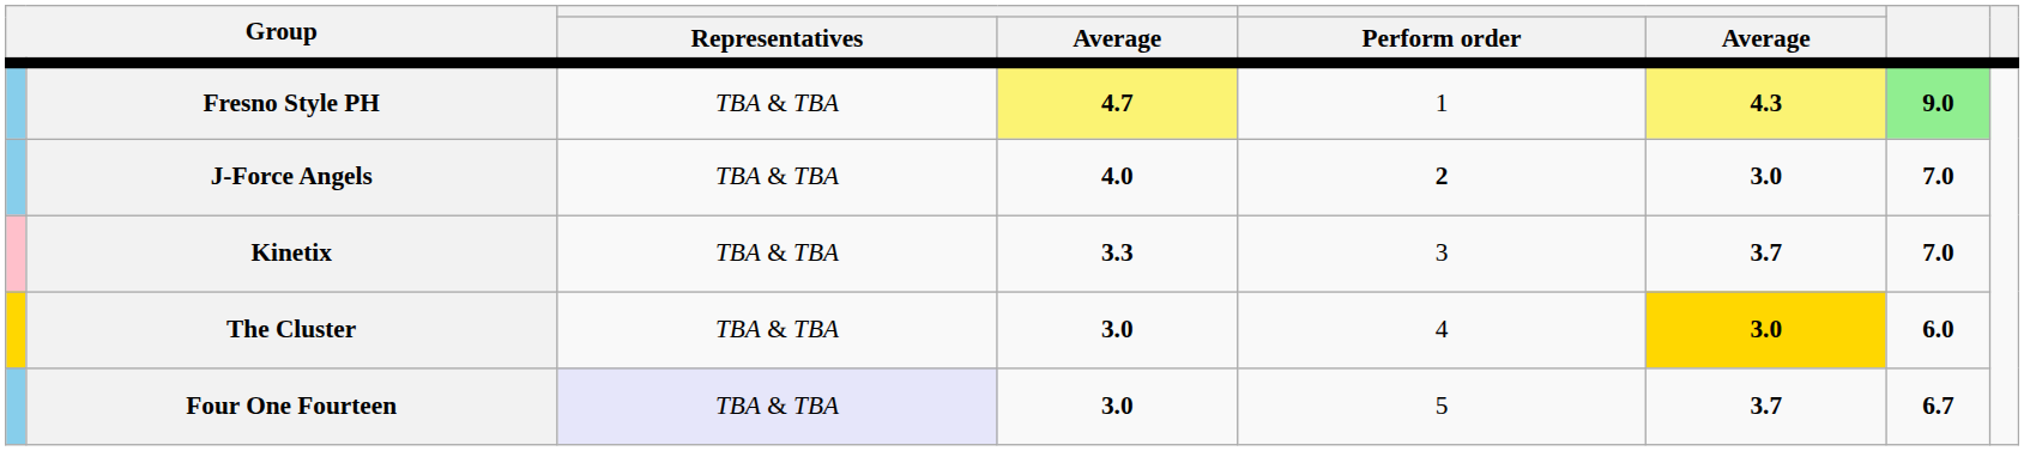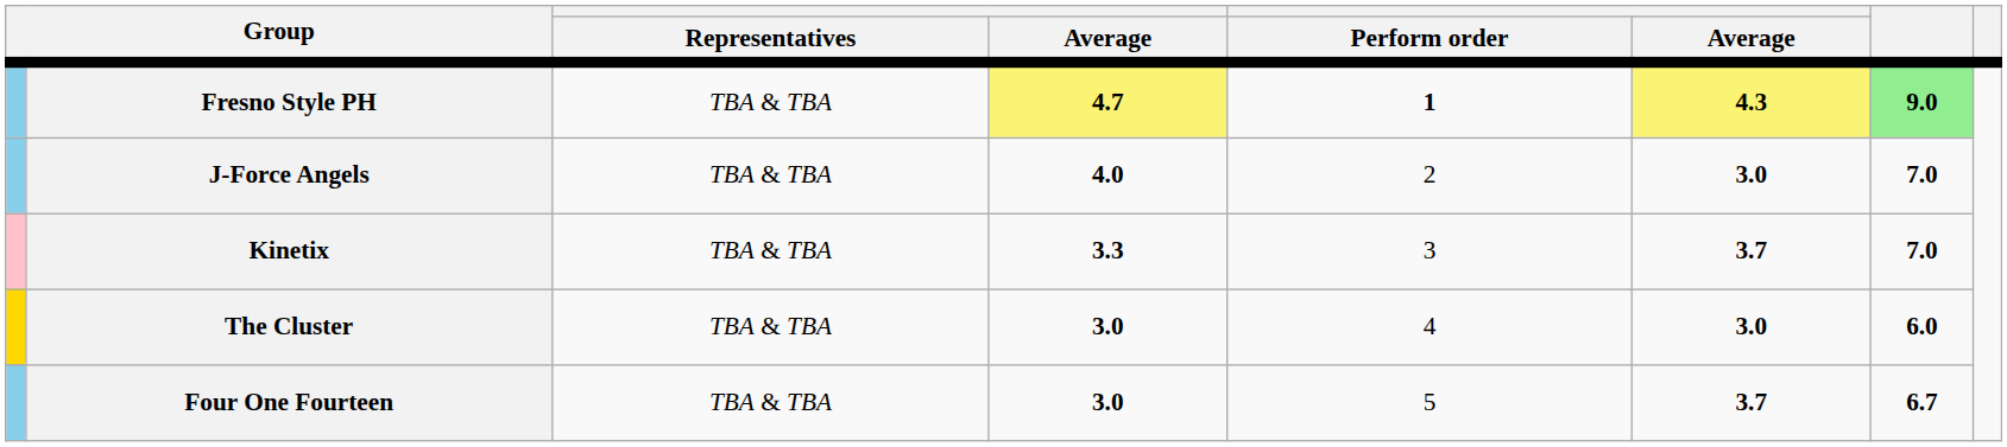 <table class="wikitable plainrowheaders" style="text-align:center; width:100%">
 <tr>
 <th colspan="2" rowspan="2">Group</th>
 <th colspan="2"></th>
 <th colspan="2"></th>
 <th rowspan="2"></th>
 <th rowspan="2"></th>
 </tr>
 <tr>
 <th>Representatives</th>
 <th>Average</th>
 <th>Perform order</th>
 <th>Average</th>
 </tr>
 <tr style="border-top: 7px solid; height: 3em;">
 <th width="01%" style="background:#87ceeb;"></th>
 <th>Fresno Style PH</th>
 <td><em>TBA</em> & <em>TBA</em></td>
 <td style="background:#FBF373;"><strong>4.7</strong><br></td>
-<td>1</td>
+<td><strong>1</strong></td>
 <td style="background:#FBF373;"><strong>4.3</strong><br></td>
 <td style="background:#90ee90;"><strong>9.0</strong><br></td>
 <td rowspan="5"></td>
 </tr>
 <tr style="height: 3em;">
 <th width="01%" style="background:#87ceeb;"></th>
 <th>J-Force Angels</th>
 <td><em>TBA</em> & <em>TBA</em></td>
 <td><strong>4.0</strong><br></td>
-<td><strong>2</strong></td>
+<td>2</td>
 <td><strong>3.0</strong><br></td>
 <td><strong>7.0</strong><br></td>
 </tr>
 <tr style="height: 3em;">
 <th width="01%" style="background:#FFC0CB;"></th>
 <th>Kinetix</th>
 <td><em>TBA</em> & <em>TBA</em></td>
 <td><strong>3.3</strong><br></td>
 <td>3</td>
 <td><strong>3.7</strong><br></td>
 <td><strong>7.0</strong><br></td>
 </tr>
 <tr style="height: 3em;">
 <th width="01%" style="background:#FFD700;"></th>
 <th>The Cluster</th>
 <td><em>TBA</em> & <em>TBA</em></td>
 <td><strong>3.0</strong><br></td>
 <td>4</td>
-<td style="background: gold;"><strong>3.0</strong><br></td>
+<td><strong>3.0</strong><br></td>
 <td><strong>6.0</strong><br></td>
 </tr>
 <tr style="height: 3em;">
 <th width="01%" style="background:#87ceeb;"></th>
 <th>Four One Fourteen</th>
-<td style="background: lavender;"><em>TBA</em> & <em>TBA</em></td>
+<td><em>TBA</em> & <em>TBA</em></td>
 <td><strong>3.0</strong><br></td>
 <td>5</td>
 <td><strong>3.7</strong><br></td>
 <td><strong>6.7</strong><br></td>
 </tr>
 </table>
